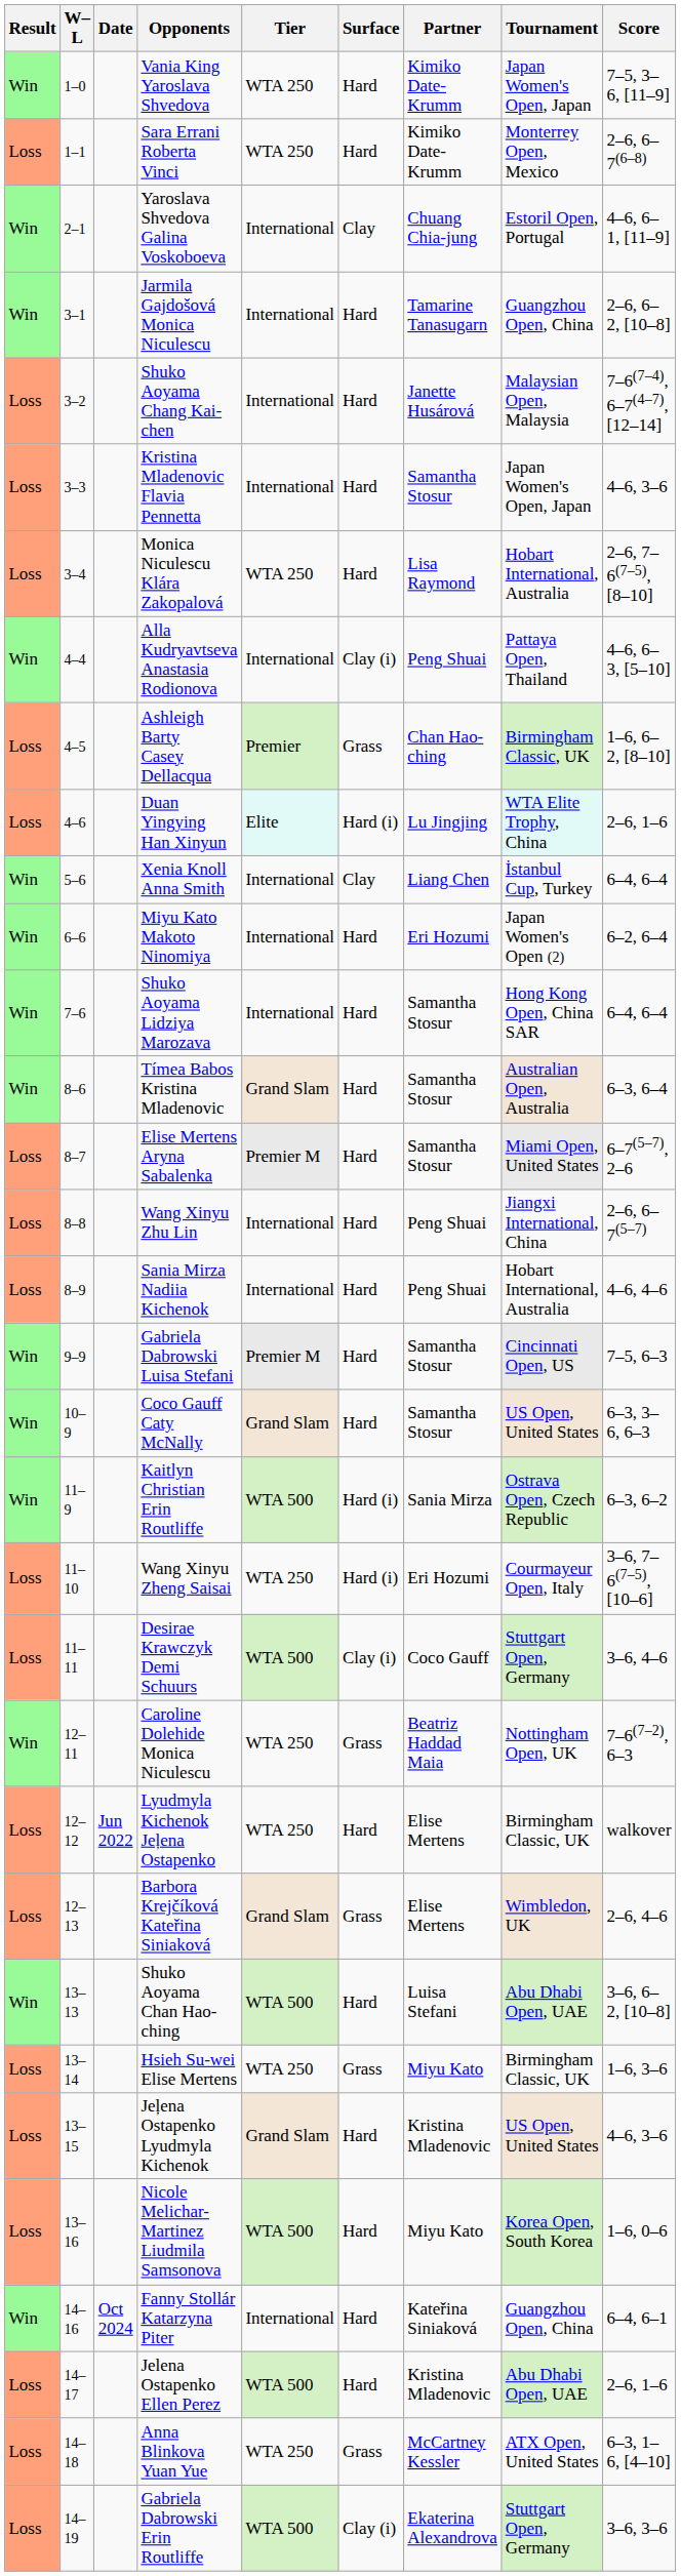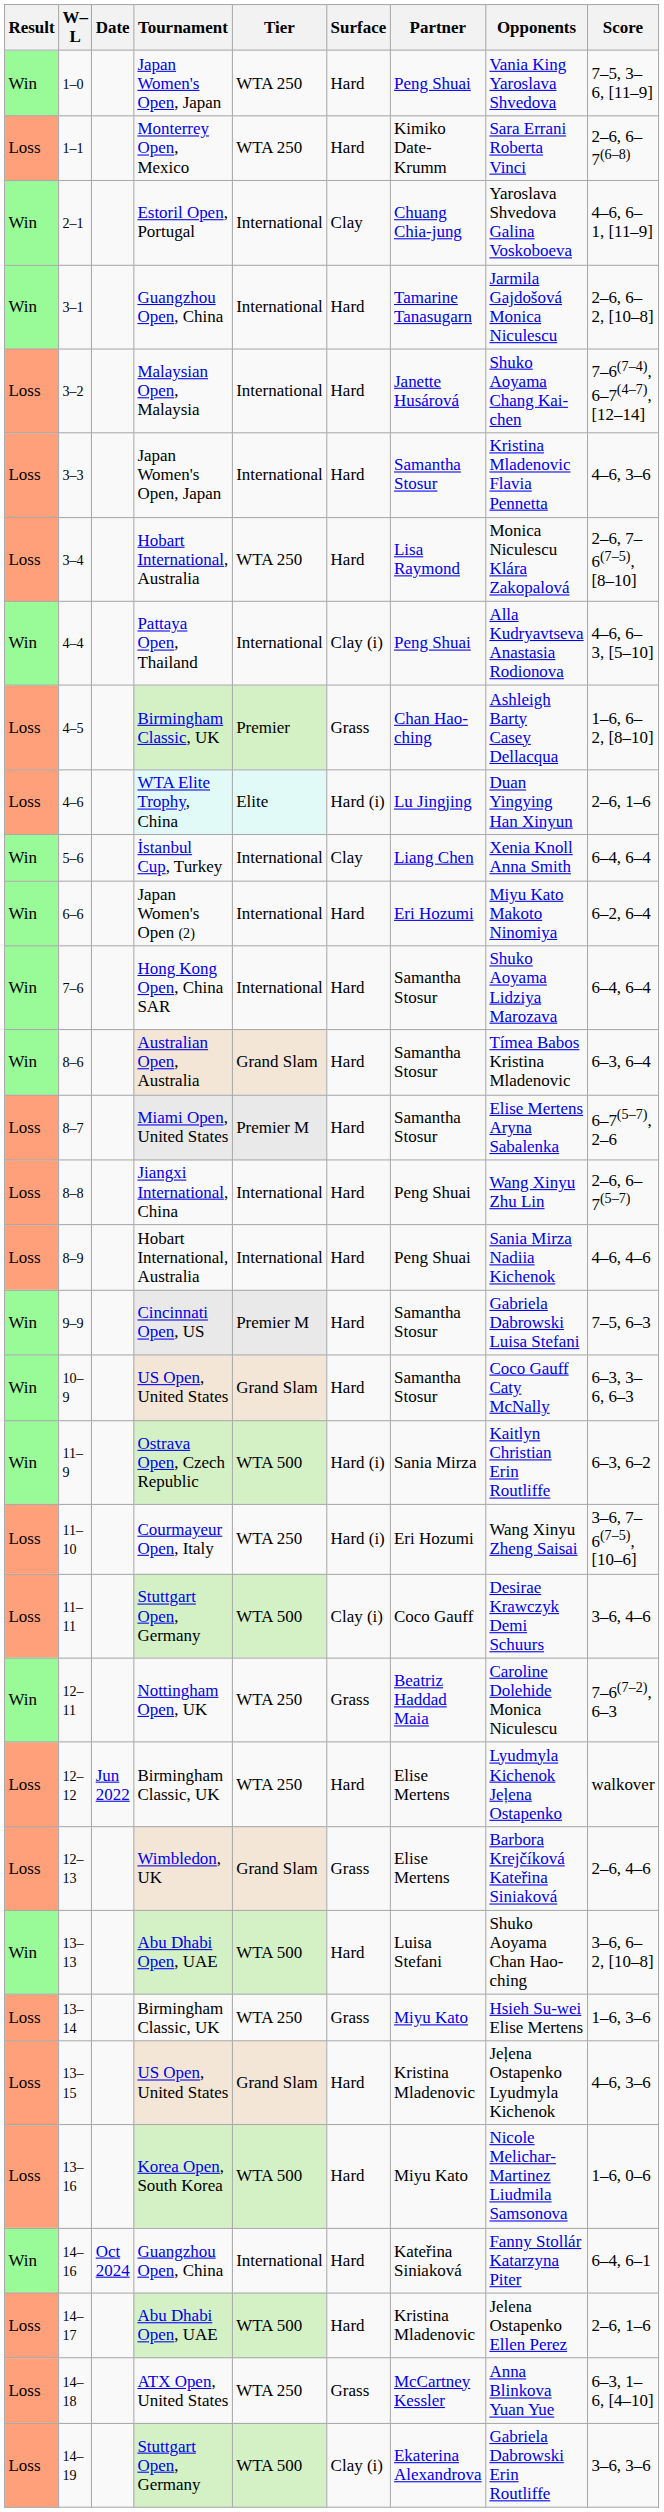 <table class="sortable wikitable">
 <tr>
 <th>Result</th>
 <th class="unsortable">W–L</th>
 <th>Date</th>
-<th>Opponents</th>
+<th>Tournament</th>
 <th>Tier</th>
 <th>Surface</th>
 <th>Partner</th>
-<th>Tournament</th>
+<th>Opponents</th>
 <th class="unsortable">Score</th>
 </tr>
 <tr>
 <td style="background:#98fb98;">Win</td>
 <td><small>1–0</small></td>
 <td><a href='#'></a></td>
-<td> <a href='#'>Vania King</a> <br>  <a href='#'>Yaroslava Shvedova</a></td>
+<td><a href='#'>Japan Women's Open</a>, Japan</td>
 <td>WTA 250</td>
 <td>Hard</td>
-<td> <a href='#'>Kimiko Date-Krumm</a></td>
-<td><a href='#'>Japan Women's Open</a>, Japan</td>
+<td> <a href='#'>Peng Shuai</a></td>
+<td> <a href='#'>Vania King</a> <br>  <a href='#'>Yaroslava Shvedova</a></td>
 <td>7–5, 3–6, [11–9]</td>
 </tr>
 <tr>
 <td style="background:#ffa07a;">Loss</td>
 <td><small>1–1</small></td>
 <td><a href='#'></a></td>
-<td> <a href='#'>Sara Errani</a> <br>  <a href='#'>Roberta Vinci</a></td>
+<td><a href='#'>Monterrey Open</a>, Mexico</td>
 <td>WTA 250</td>
 <td>Hard</td>
 <td> Kimiko Date-Krumm</td>
-<td><a href='#'>Monterrey Open</a>, Mexico</td>
+<td> <a href='#'>Sara Errani</a> <br>  <a href='#'>Roberta Vinci</a></td>
 <td>2–6, 6–7<sup>(6–8)</sup></td>
 </tr>
 <tr>
 <td style="background:#98fb98;">Win</td>
 <td><small>2–1</small></td>
 <td><a href='#'></a></td>
-<td> Yaroslava Shvedova <br>  <a href='#'>Galina Voskoboeva</a></td>
+<td><a href='#'>Estoril Open</a>, Portugal</td>
 <td>International</td>
 <td>Clay</td>
 <td> <a href='#'>Chuang Chia-jung</a></td>
-<td><a href='#'>Estoril Open</a>, Portugal</td>
+<td> Yaroslava Shvedova <br>  <a href='#'>Galina Voskoboeva</a></td>
 <td>4–6, 6–1, [11–9]</td>
 </tr>
 <tr>
 <td style="background:#98fb98;">Win</td>
 <td><small>3–1</small></td>
 <td><a href='#'></a></td>
-<td> <a href='#'>Jarmila Gajdošová</a> <br>  <a href='#'>Monica Niculescu</a></td>
+<td><a href='#'>Guangzhou Open</a>, China</td>
 <td>International</td>
 <td>Hard</td>
 <td> <a href='#'>Tamarine Tanasugarn</a></td>
-<td><a href='#'>Guangzhou Open</a>, China</td>
+<td> <a href='#'>Jarmila Gajdošová</a> <br>  <a href='#'>Monica Niculescu</a></td>
 <td>2–6, 6–2, [10–8]</td>
 </tr>
 <tr>
 <td style="background:#ffa07a;">Loss</td>
 <td><small>3–2</small></td>
 <td><a href='#'></a></td>
-<td> <a href='#'>Shuko Aoyama</a> <br>  <a href='#'>Chang Kai-chen</a></td>
+<td><a href='#'>Malaysian Open</a>, Malaysia</td>
 <td>International</td>
 <td>Hard</td>
 <td> <a href='#'>Janette Husárová</a></td>
-<td><a href='#'>Malaysian Open</a>, Malaysia</td>
+<td> <a href='#'>Shuko Aoyama</a> <br>  <a href='#'>Chang Kai-chen</a></td>
 <td>7–6<sup>(7–4)</sup>, 6–7<sup>(4–7)</sup>, [12–14]</td>
 </tr>
 <tr>
 <td style="background:#ffa07a;">Loss</td>
 <td><small>3–3</small></td>
 <td><a href='#'></a></td>
-<td> <a href='#'>Kristina Mladenovic</a> <br>  <a href='#'>Flavia Pennetta</a></td>
+<td>Japan Women's Open, Japan</td>
 <td>International</td>
 <td>Hard</td>
 <td> <a href='#'>Samantha Stosur</a></td>
-<td>Japan Women's Open, Japan</td>
+<td> <a href='#'>Kristina Mladenovic</a> <br>  <a href='#'>Flavia Pennetta</a></td>
 <td>4–6, 3–6</td>
 </tr>
 <tr>
 <td style="background:#ffa07a;">Loss</td>
 <td><small>3–4</small></td>
 <td><a href='#'></a></td>
-<td> Monica Niculescu <br>  <a href='#'>Klára Zakopalová</a></td>
+<td><a href='#'>Hobart International</a>, Australia</td>
 <td>WTA 250</td>
 <td>Hard</td>
 <td> <a href='#'>Lisa Raymond</a></td>
-<td><a href='#'>Hobart International</a>, Australia</td>
+<td> Monica Niculescu <br>  <a href='#'>Klára Zakopalová</a></td>
 <td>2–6, 7–6<sup>(7–5)</sup>, [8–10]</td>
 </tr>
 <tr>
 <td style="background:#98fb98;">Win</td>
 <td><small>4–4</small></td>
 <td><a href='#'></a></td>
-<td> <a href='#'>Alla Kudryavtseva</a> <br>  <a href='#'>Anastasia Rodionova</a></td>
+<td><a href='#'>Pattaya Open</a>, Thailand</td>
 <td>International</td>
 <td>Clay (i)</td>
 <td> <a href='#'>Peng Shuai</a></td>
-<td><a href='#'>Pattaya Open</a>, Thailand</td>
+<td> <a href='#'>Alla Kudryavtseva</a> <br>  <a href='#'>Anastasia Rodionova</a></td>
 <td>4–6, 6–3, [5–10]</td>
 </tr>
 <tr>
 <td style="background:#ffa07a;">Loss</td>
 <td><small>4–5</small></td>
 <td><a href='#'></a></td>
-<td> <a href='#'>Ashleigh Barty</a> <br>  <a href='#'>Casey Dellacqua</a></td>
+<td style="background:#d4f1c5;"><a href='#'>Birmingham Classic</a>, UK</td>
 <td bgcolor="d4f1c5">Premier</td>
 <td>Grass</td>
 <td> <a href='#'>Chan Hao-ching</a></td>
-<td style="background:#d4f1c5;"><a href='#'>Birmingham Classic</a>, UK</td>
+<td> <a href='#'>Ashleigh Barty</a> <br>  <a href='#'>Casey Dellacqua</a></td>
 <td>1–6, 6–2, [8–10]</td>
 </tr>
 <tr>
 <td style="background:#ffa07a;">Loss</td>
 <td><small>4–6</small></td>
 <td><a href='#'></a></td>
-<td> <a href='#'>Duan Yingying</a> <br>  <a href='#'>Han Xinyun</a></td>
+<td style="background:#e2faf7;"><a href='#'>WTA Elite Trophy</a>, China</td>
 <td style="background:#e2faf7;">Elite</td>
 <td>Hard (i)</td>
 <td> <a href='#'>Lu Jingjing</a></td>
-<td style="background:#e2faf7;"><a href='#'>WTA Elite Trophy</a>, China</td>
+<td> <a href='#'>Duan Yingying</a> <br>  <a href='#'>Han Xinyun</a></td>
 <td>2–6, 1–6</td>
 </tr>
 <tr>
 <td style="background:#98fb98;">Win</td>
 <td><small>5–6</small></td>
 <td><a href='#'></a></td>
-<td> <a href='#'>Xenia Knoll</a> <br>  <a href='#'>Anna Smith</a></td>
+<td><a href='#'>İstanbul Cup</a>, Turkey</td>
 <td>International</td>
 <td>Clay</td>
 <td> <a href='#'>Liang Chen</a></td>
-<td><a href='#'>İstanbul Cup</a>, Turkey</td>
+<td> <a href='#'>Xenia Knoll</a> <br>  <a href='#'>Anna Smith</a></td>
 <td>6–4, 6–4</td>
 </tr>
 <tr>
 <td style="background:#98fb98;">Win</td>
 <td><small>6–6</small></td>
 <td><a href='#'></a></td>
-<td> <a href='#'>Miyu Kato</a> <br>  <a href='#'>Makoto Ninomiya</a></td>
+<td>Japan Women's Open <small>(2)</small></td>
 <td>International</td>
 <td>Hard</td>
 <td> <a href='#'>Eri Hozumi</a></td>
-<td>Japan Women's Open <small>(2)</small></td>
+<td> <a href='#'>Miyu Kato</a> <br>  <a href='#'>Makoto Ninomiya</a></td>
 <td>6–2, 6–4</td>
 </tr>
 <tr>
 <td style="background:#98fb98;">Win</td>
 <td><small>7–6</small></td>
 <td><a href='#'></a></td>
-<td> <a href='#'>Shuko Aoyama</a> <br>  <a href='#'>Lidziya Marozava</a></td>
+<td><a href='#'>Hong Kong Open</a>, China SAR</td>
 <td>International</td>
 <td>Hard</td>
 <td> Samantha Stosur</td>
-<td><a href='#'>Hong Kong Open</a>, China SAR</td>
+<td> <a href='#'>Shuko Aoyama</a> <br>  <a href='#'>Lidziya Marozava</a></td>
 <td>6–4, 6–4</td>
 </tr>
 <tr>
 <td style="background:#98FB98;">Win</td>
 <td><small>8–6</small></td>
 <td><a href='#'></a></td>
-<td> <a href='#'>Tímea Babos</a> <br>  Kristina Mladenovic</td>
+<td style="background:#f3e6d7;"><a href='#'>Australian Open</a>, Australia</td>
 <td style="background:#f3e6d7;">Grand Slam</td>
 <td>Hard</td>
 <td> Samantha Stosur</td>
-<td style="background:#f3e6d7;"><a href='#'>Australian Open</a>, Australia</td>
+<td> <a href='#'>Tímea Babos</a> <br>  Kristina Mladenovic</td>
 <td>6–3, 6–4</td>
 </tr>
 <tr>
 <td style="background:#ffa07a;">Loss</td>
 <td><small>8–7</small></td>
 <td><a href='#'></a></td>
-<td> <a href='#'>Elise Mertens</a> <br>  <a href='#'>Aryna Sabalenka</a></td>
+<td style="background:#e9e9e9;"><a href='#'>Miami Open</a>, United States</td>
 <td style="background:#e9e9e9;">Premier M</td>
 <td>Hard</td>
 <td> Samantha Stosur</td>
-<td style="background:#e9e9e9;"><a href='#'>Miami Open</a>, United States</td>
+<td> <a href='#'>Elise Mertens</a> <br>  <a href='#'>Aryna Sabalenka</a></td>
 <td>6–7<sup>(5–7)</sup>, 2–6</td>
 </tr>
 <tr>
 <td style="background:#ffa07a;">Loss</td>
 <td><small>8–8</small></td>
 <td><a href='#'></a></td>
-<td> <a href='#'>Wang Xinyu</a> <br>  <a href='#'>Zhu Lin</a></td>
+<td><a href='#'>Jiangxi International</a>, China</td>
 <td>International</td>
 <td>Hard</td>
 <td> Peng Shuai</td>
-<td><a href='#'>Jiangxi International</a>, China</td>
+<td> <a href='#'>Wang Xinyu</a> <br>  <a href='#'>Zhu Lin</a></td>
 <td>2–6, 6–7<sup>(5–7)</sup></td>
 </tr>
 <tr>
 <td style="background:#ffa07a;">Loss</td>
 <td><small>8–9</small></td>
 <td><a href='#'></a></td>
-<td> <a href='#'>Sania Mirza</a> <br>  <a href='#'>Nadiia Kichenok</a></td>
+<td>Hobart International, Australia</td>
 <td>International</td>
 <td>Hard</td>
 <td> Peng Shuai</td>
-<td>Hobart International, Australia</td>
+<td> <a href='#'>Sania Mirza</a> <br>  <a href='#'>Nadiia Kichenok</a></td>
 <td>4–6, 4–6</td>
 </tr>
 <tr>
 <td style="background:#98fb98;">Win</td>
 <td><small>9–9</small></td>
 <td><a href='#'></a></td>
-<td> <a href='#'>Gabriela Dabrowski</a> <br>  <a href='#'>Luisa Stefani</a></td>
+<td style="background:#e9e9e9;"><a href='#'>Cincinnati Open</a>, US</td>
 <td style="background:#e9e9e9;">Premier M</td>
 <td>Hard</td>
 <td> Samantha Stosur</td>
-<td style="background:#e9e9e9;"><a href='#'>Cincinnati Open</a>, US</td>
+<td> <a href='#'>Gabriela Dabrowski</a> <br>  <a href='#'>Luisa Stefani</a></td>
 <td>7–5, 6–3</td>
 </tr>
 <tr>
 <td style="background:#98fb98;">Win</td>
 <td><small>10–9</small></td>
 <td><a href='#'></a></td>
-<td> <a href='#'>Coco Gauff</a> <br>  <a href='#'>Caty McNally</a></td>
+<td style="background:#f3e6d7;"><a href='#'>US Open</a>, United States</td>
 <td style="background:#f3e6d7;">Grand Slam</td>
 <td>Hard</td>
 <td> Samantha Stosur</td>
-<td style="background:#f3e6d7;"><a href='#'>US Open</a>, United States</td>
+<td> <a href='#'>Coco Gauff</a> <br>  <a href='#'>Caty McNally</a></td>
 <td>6–3, 3–6, 6–3</td>
 </tr>
 <tr>
 <td style="background:#98fb98;">Win</td>
 <td><small>11–9</small></td>
 <td><a href='#'></a></td>
-<td> <a href='#'>Kaitlyn Christian</a> <br>  <a href='#'>Erin Routliffe</a></td>
+<td style="background:#d4f1c5;"><a href='#'>Ostrava Open</a>, Czech Republic</td>
 <td style="background:#d4f1c5;">WTA 500</td>
 <td>Hard (i)</td>
 <td> Sania Mirza</td>
-<td style="background:#d4f1c5;"><a href='#'>Ostrava Open</a>, Czech Republic</td>
+<td> <a href='#'>Kaitlyn Christian</a> <br>  <a href='#'>Erin Routliffe</a></td>
 <td>6–3, 6–2</td>
 </tr>
 <tr>
 <td bgcolor=FFA07A>Loss</td>
 <td><small>11–10</small></td>
 <td><a href='#'></a></td>
-<td> Wang Xinyu <br>  <a href='#'>Zheng Saisai</a></td>
+<td><a href='#'>Courmayeur Open</a>, Italy</td>
 <td>WTA 250</td>
 <td>Hard (i)</td>
 <td> Eri Hozumi</td>
-<td><a href='#'>Courmayeur Open</a>, Italy</td>
+<td> Wang Xinyu <br>  <a href='#'>Zheng Saisai</a></td>
 <td>3–6, 7–6<sup>(7–5)</sup>, [10–6]</td>
 </tr>
 <tr>
 <td style="background:#ffa07a">Loss</td>
 <td><small>11–11</small></td>
 <td><a href='#'></a></td>
-<td> <a href='#'>Desirae Krawczyk</a> <br>  <a href='#'>Demi Schuurs</a></td>
+<td style="background:#d4f1c5;"><a href='#'>Stuttgart Open</a>, Germany</td>
 <td style="background:#d4f1c5;">WTA 500</td>
 <td>Clay (i)</td>
 <td> Coco Gauff</td>
-<td style="background:#d4f1c5;"><a href='#'>Stuttgart Open</a>, Germany</td>
+<td> <a href='#'>Desirae Krawczyk</a> <br>  <a href='#'>Demi Schuurs</a></td>
 <td>3–6, 4–6</td>
 </tr>
 <tr>
 <td bgcolor=98FB98>Win</td>
 <td><small>12–11</small></td>
 <td><a href='#'></a></td>
-<td> <a href='#'>Caroline Dolehide</a> <br>  Monica Niculescu</td>
+<td><a href='#'>Nottingham Open</a>, UK</td>
 <td>WTA 250</td>
 <td>Grass</td>
 <td> <a href='#'>Beatriz Haddad Maia</a></td>
-<td><a href='#'>Nottingham Open</a>, UK</td>
+<td> <a href='#'>Caroline Dolehide</a> <br>  Monica Niculescu</td>
 <td>7–6<sup>(7–2)</sup>, 6–3</td>
 </tr>
 <tr>
 <td style="background:#ffa07a;">Loss</td>
 <td><small>12–12</small></td>
 <td><a href='#'>Jun 2022</a></td>
-<td> <a href='#'>Lyudmyla Kichenok</a> <br>  <a href='#'>Jeļena Ostapenko</a></td>
+<td>Birmingham Classic, UK</td>
 <td>WTA 250</td>
 <td>Hard</td>
 <td> Elise Mertens</td>
-<td>Birmingham Classic, UK</td>
+<td> <a href='#'>Lyudmyla Kichenok</a> <br>  <a href='#'>Jeļena Ostapenko</a></td>
 <td>walkover</td>
 </tr>
 <tr>
 <td style="background:#ffa07a;">Loss</td>
 <td><small>12–13</small></td>
 <td><a href='#'></a></td>
-<td> <a href='#'>Barbora Krejčíková</a> <br>  <a href='#'>Kateřina Siniaková</a></td>
+<td style="background:#f3e6d7;"><a href='#'>Wimbledon</a>, UK</td>
 <td style="background:#f3e6d7;">Grand Slam</td>
 <td>Grass</td>
 <td> Elise Mertens</td>
-<td style="background:#f3e6d7;"><a href='#'>Wimbledon</a>, UK</td>
+<td> <a href='#'>Barbora Krejčíková</a> <br>  <a href='#'>Kateřina Siniaková</a></td>
 <td>2–6, 4–6</td>
 </tr>
 <tr>
 <td bgcolor=98FB98>Win</td>
 <td><small>13–13</small></td>
 <td><a href='#'></a></td>
-<td> Shuko Aoyama <br>  Chan Hao-ching</td>
+<td bgcolor=d4f1c5><a href='#'>Abu Dhabi Open</a>, UAE</td>
 <td bgcolor=d4f1c5>WTA 500</td>
 <td>Hard</td>
 <td> Luisa Stefani</td>
-<td bgcolor=d4f1c5><a href='#'>Abu Dhabi Open</a>, UAE</td>
+<td> Shuko Aoyama <br>  Chan Hao-ching</td>
 <td>3–6, 6–2, [10–8]</td>
 </tr>
 <tr>
 <td style="background:#ffa07a;">Loss</td>
 <td><small>13–14</small></td>
 <td><a href='#'></a></td>
-<td> <a href='#'>Hsieh Su-wei</a> <br>  Elise Mertens</td>
+<td>Birmingham Classic, UK</td>
 <td>WTA 250</td>
 <td>Grass</td>
 <td> <a href='#'> Miyu Kato</a></td>
-<td>Birmingham Classic, UK</td>
+<td> <a href='#'>Hsieh Su-wei</a> <br>  Elise Mertens</td>
 <td>1–6, 3–6</td>
 </tr>
 <tr>
 <td style="background:#ffa07a;">Loss</td>
 <td><small>13–15</small></td>
 <td><a href='#'></a></td>
-<td> Jeļena Ostapenko <br>  Lyudmyla Kichenok</td>
+<td bgcolor=#f3e6d7><a href='#'>US Open</a>, United States</td>
 <td bgcolor=#f3e6d7>Grand Slam</td>
 <td>Hard</td>
 <td> Kristina Mladenovic</td>
-<td bgcolor=#f3e6d7><a href='#'>US Open</a>, United States</td>
+<td> Jeļena Ostapenko <br>  Lyudmyla Kichenok</td>
 <td>4–6, 3–6</td>
 </tr>
 <tr>
 <td style="background:#ffa07a;">Loss</td>
 <td><small>13–16</small></td>
 <td><a href='#'></a></td>
-<td> <a href='#'>Nicole Melichar-Martinez</a> <br>  <a href='#'>Liudmila Samsonova</a></td>
+<td bgcolor=d4f1c5><a href='#'>Korea Open</a>, South Korea</td>
 <td bgcolor=d4f1c5>WTA 500</td>
 <td>Hard</td>
 <td> Miyu Kato</td>
-<td bgcolor=d4f1c5><a href='#'>Korea Open</a>, South Korea</td>
+<td> <a href='#'>Nicole Melichar-Martinez</a> <br>  <a href='#'>Liudmila Samsonova</a></td>
 <td>1–6, 0–6</td>
 </tr>
 <tr>
 <td bgcolor=98FB98>Win</td>
 <td><small>14–16</small></td>
 <td><a href='#'>Oct 2024</a></td>
-<td> <a href='#'>Fanny Stollár</a> <br>  <a href='#'>Katarzyna Piter</a></td>
+<td><a href='#'>Guangzhou Open</a>, China</td>
 <td>International</td>
 <td>Hard</td>
 <td> Kateřina Siniaková</td>
-<td><a href='#'>Guangzhou Open</a>, China</td>
+<td> <a href='#'>Fanny Stollár</a> <br>  <a href='#'>Katarzyna Piter</a></td>
 <td>6–4, 6–1</td>
 </tr>
 <tr>
 <td bgcolor=FFA07A>Loss</td>
 <td><small>14–17</small></td>
 <td><a href='#'></a></td>
-<td> Jelena Ostapenko <br>  <a href='#'>Ellen Perez</a></td>
+<td bgcolor=d4f1c5><a href='#'>Abu Dhabi Open</a>, UAE</td>
 <td bgcolor=d4f1c5>WTA 500</td>
 <td>Hard</td>
 <td> Kristina Mladenovic</td>
-<td bgcolor=d4f1c5><a href='#'>Abu Dhabi Open</a>, UAE</td>
+<td> Jelena Ostapenko <br>  <a href='#'>Ellen Perez</a></td>
 <td>2–6, 1–6</td>
 </tr>
 <tr>
 <td bgcolor=FFA07A>Loss</td>
 <td><small>14–18</small></td>
 <td><a href='#'></a></td>
-<td> <a href='#'>Anna Blinkova</a> <br>  <a href='#'>Yuan Yue</a></td>
+<td><a href='#'>ATX Open</a>, United States</td>
 <td>WTA 250</td>
 <td>Grass</td>
 <td> <a href='#'>McCartney Kessler</a></td>
-<td><a href='#'>ATX Open</a>, United States</td>
+<td> <a href='#'>Anna Blinkova</a> <br>  <a href='#'>Yuan Yue</a></td>
 <td>6–3, 1–6, [4–10]</td>
 </tr>
 <tr>
 <td style=background:#ffa07a>Loss</td>
 <td><small>14–19</small></td>
 <td><a href='#'></a></td>
-<td> <a href='#'>Gabriela Dabrowski</a> <br>  <a href='#'>Erin Routliffe</a></td>
+<td style="background:#d4f1c5;"><a href='#'>Stuttgart Open</a>, Germany</td>
 <td style="background:#d4f1c5;">WTA 500</td>
 <td>Clay (i)</td>
 <td> <a href='#'>Ekaterina Alexandrova</a></td>
-<td style="background:#d4f1c5;"><a href='#'>Stuttgart Open</a>, Germany</td>
+<td> <a href='#'>Gabriela Dabrowski</a> <br>  <a href='#'>Erin Routliffe</a></td>
 <td>3–6, 3–6</td>
 </tr>
 </table>
